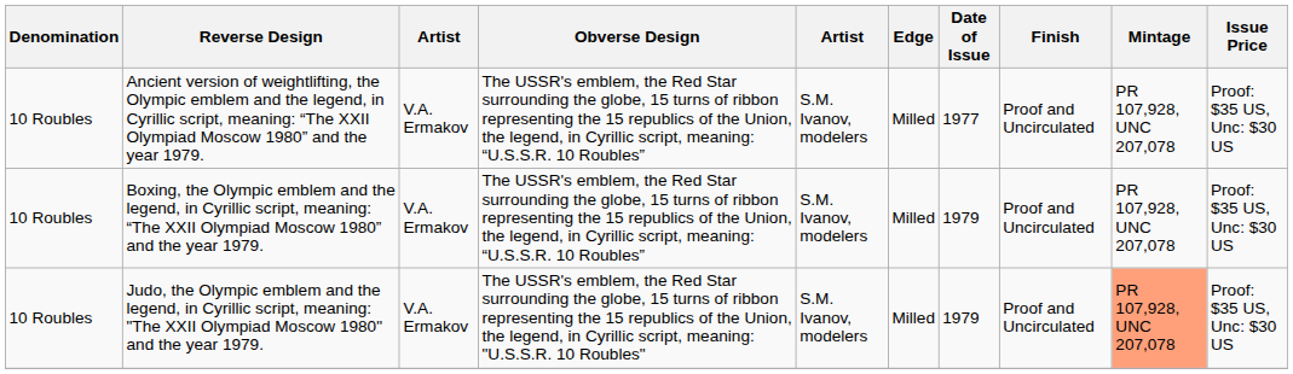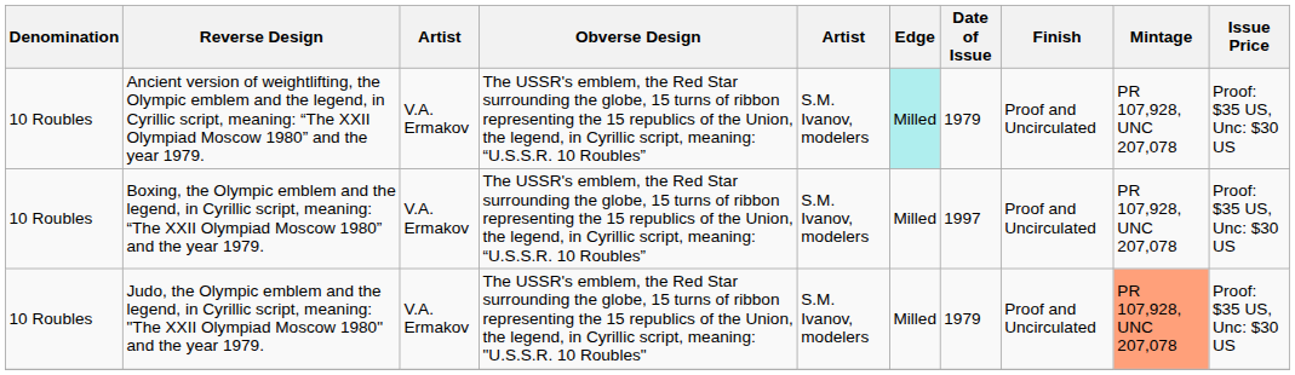 <table class="wikitable">
 <tr>
 <th>Denomination</th>
 <th>Reverse Design</th>
 <th>Artist</th>
 <th>Obverse Design</th>
 <th>Artist</th>
 <th>Edge</th>
 <th>Date of Issue</th>
 <th>Finish</th>
 <th>Mintage</th>
 <th>Issue Price</th>
 </tr>
 <tr>
 <td>10 Roubles</td>
 <td>Ancient version of weightlifting, the Olympic emblem and the legend, in Cyrillic script, meaning: “The XXII Olympiad Moscow 1980” and the year 1979.</td>
 <td>V.A. Ermakov</td>
 <td>The USSR's emblem, the Red Star surrounding the globe, 15 turns of ribbon representing the 15 republics of the Union, the legend, in Cyrillic script, meaning: “U.S.S.R. 10 Roubles”</td>
 <td>S.M. Ivanov, modelers</td>
-<td>Milled</td>
-<td>1977</td>
+<td style="background: paleturquoise;">Milled</td>
+<td>1979</td>
 <td>Proof and Uncirculated</td>
 <td>PR 107,928, UNC 207,078</td>
 <td>Proof: $35 US, Unc: $30 US</td>
 </tr>
 <tr>
 <td>10 Roubles</td>
 <td>Boxing, the Olympic emblem and the legend, in Cyrillic script, meaning: “The XXII Olympiad Moscow 1980” and the year 1979.</td>
 <td>V.A. Ermakov</td>
 <td>The USSR's emblem, the Red Star surrounding the globe, 15 turns of ribbon representing the 15 republics of the Union, the legend, in Cyrillic script, meaning: “U.S.S.R. 10 Roubles”</td>
 <td>S.M. Ivanov, modelers</td>
 <td>Milled</td>
-<td>1979</td>
+<td>1997</td>
 <td>Proof and Uncirculated</td>
 <td>PR 107,928, UNC 207,078</td>
 <td>Proof: $35 US, Unc: $30 US</td>
 </tr>
 <tr>
 <td>10 Roubles</td>
 <td>Judo, the Olympic emblem and the legend, in Cyrillic script, meaning: "The XXII Olympiad Moscow 1980" and the year 1979.</td>
 <td>V.A. Ermakov</td>
 <td>The USSR's emblem, the Red Star surrounding the globe, 15 turns of ribbon representing the 15 republics of the Union, the legend, in Cyrillic script, meaning: "U.S.S.R. 10 Roubles"</td>
 <td>S.M. Ivanov, modelers</td>
 <td>Milled</td>
 <td>1979</td>
 <td>Proof and Uncirculated</td>
 <td style="background: lightsalmon;">PR 107,928, UNC 207,078</td>
 <td>Proof: $35 US, Unc: $30 US</td>
 </tr>
 <tr>
 </tr>
 </table>
